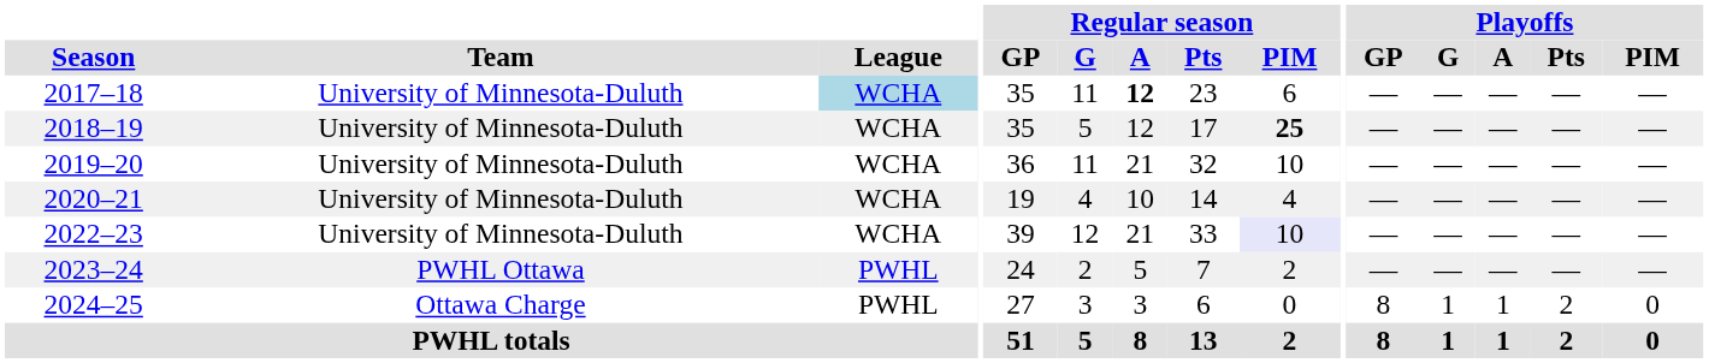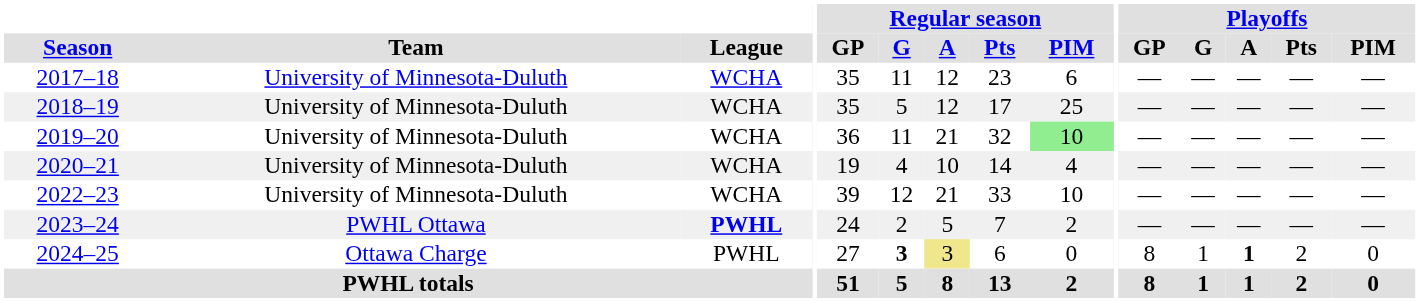 <table border="0" cellpadding="1" cellspacing="0" style="text-align:center; width:60em;">
 <tr bgcolor="#e0e0e0">
 <th colspan="3" bgcolor="#ffffff"></th>
 <th rowspan="94" bgcolor="#ffffff"></th>
 <th colspan="5"><a href='#'>Regular season</a></th>
 <th rowspan="94" bgcolor="#ffffff"></th>
 <th colspan="5"><a href='#'>Playoffs</a></th>
 </tr>
 <tr bgcolor="#e0e0e0">
 <th><a href='#'>Season</a></th>
 <th>Team</th>
 <th>League</th>
 <th>GP</th>
 <th><a href='#'>G</a></th>
 <th><a href='#'>A</a></th>
 <th><a href='#'>Pts</a></th>
 <th><a href='#'>PIM</a></th>
 <th>GP</th>
 <th>G</th>
 <th>A</th>
 <th>Pts</th>
 <th>PIM</th>
 </tr>
 <tr>
 <td><a href='#'>2017–18</a></td>
 <td><a href='#'>University of Minnesota-Duluth</a></td>
-<td style="background: lightblue;"><a href='#'>WCHA</a></td>
+<td><a href='#'>WCHA</a></td>
 <td>35</td>
 <td>11</td>
-<td><strong>12</strong></td>
+<td>12</td>
 <td>23</td>
 <td>6</td>
 <td>—</td>
 <td>—</td>
 <td>—</td>
 <td>—</td>
 <td>—</td>
 </tr>
 <tr bgcolor="#f0f0f0">
 <td><a href='#'>2018–19</a></td>
 <td>University of Minnesota-Duluth</td>
 <td>WCHA</td>
 <td>35</td>
 <td>5</td>
 <td>12</td>
 <td>17</td>
-<td><strong>25</strong></td>
+<td>25</td>
 <td>—</td>
 <td>—</td>
 <td>—</td>
 <td>—</td>
 <td>—</td>
 </tr>
 <tr>
 <td><a href='#'>2019–20</a></td>
 <td>University of Minnesota-Duluth</td>
 <td>WCHA</td>
 <td>36</td>
 <td>11</td>
 <td>21</td>
 <td>32</td>
-<td>10</td>
+<td style="background: lightgreen;">10</td>
 <td>—</td>
 <td>—</td>
 <td>—</td>
 <td>—</td>
 <td>—</td>
 </tr>
 <tr bgcolor="#f0f0f0">
 <td><a href='#'>2020–21</a></td>
 <td>University of Minnesota-Duluth</td>
 <td>WCHA</td>
 <td>19</td>
 <td>4</td>
 <td>10</td>
 <td>14</td>
 <td>4</td>
 <td>—</td>
 <td>—</td>
 <td>—</td>
 <td>—</td>
 <td>—</td>
 </tr>
 <tr>
 <td><a href='#'>2022–23</a></td>
 <td>University of Minnesota-Duluth</td>
 <td>WCHA</td>
 <td>39</td>
 <td>12</td>
 <td>21</td>
 <td>33</td>
-<td style="background: lavender;">10</td>
+<td>10</td>
 <td>—</td>
 <td>—</td>
 <td>—</td>
 <td>—</td>
 <td>—</td>
 </tr>
 <tr bgcolor="#f0f0f0">
 <td><a href='#'>2023–24</a></td>
 <td><a href='#'>PWHL Ottawa</a></td>
-<td><a href='#'>PWHL</a></td>
+<td><strong><a href='#'>PWHL</a></strong></td>
 <td>24</td>
 <td>2</td>
 <td>5</td>
 <td>7</td>
 <td>2</td>
 <td>—</td>
 <td>—</td>
 <td>—</td>
 <td>—</td>
 <td>—</td>
 </tr>
 <tr>
 <td><a href='#'>2024–25</a></td>
 <td><a href='#'>Ottawa Charge</a></td>
 <td>PWHL</td>
 <td>27</td>
-<td>3</td>
-<td>3</td>
+<td><strong>3</strong></td>
+<td style="background: khaki;">3</td>
 <td>6</td>
 <td>0</td>
 <td>8</td>
 <td>1</td>
-<td>1</td>
+<td><strong>1</strong></td>
 <td>2</td>
 <td>0</td>
 </tr>
 <tr bgcolor="#e0e0e0">
 <th colspan="3">PWHL totals</th>
 <th>51</th>
 <th>5</th>
 <th>8</th>
 <th>13</th>
 <th>2</th>
 <th>8</th>
 <th>1</th>
 <th>1</th>
 <th>2</th>
 <th>0</th>
 </tr>
 </table>
